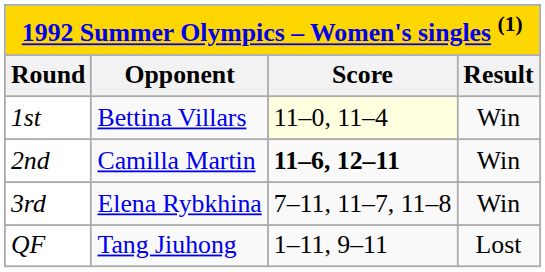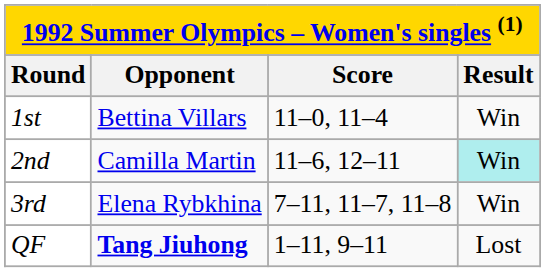 <table class="wikitable" style="font-size: 90%; text-align: center;">
 <tr>
 <th colspan="4" style="background:gold;"><a href='#'>1992 Summer Olympics – Women's singles</a> <sup>(1)</sup></th>
 </tr>
 <tr>
 <th>Round</th>
 <th>Opponent</th>
 <th>Score</th>
 <th>Result</th>
 </tr>
 <tr>
 <td style="text-align:left; background:white"><em>1st</em></td>
 <td align="left"> <a href='#'>Bettina Villars</a></td>
-<td align="left" style="background: lightyellow;">11–0, 11–4</td>
+<td align="left">11–0, 11–4</td>
 <td align="center">Win</td>
 </tr>
 <tr>
 <td style="text-align:left; background:white"><em>2nd</em></td>
 <td align="left"> <a href='#'>Camilla Martin</a></td>
-<td align="left"><strong>11–6, 12–11</strong></td>
-<td align="center">Win</td>
+<td align="left">11–6, 12–11</td>
+<td align="center" style="background: paleturquoise;">Win</td>
 </tr>
 <tr>
 <td style="text-align:left; background:white"><em>3rd</em></td>
 <td align="left"> <a href='#'>Elena Rybkhina</a></td>
 <td align="left">7–11, 11–7, 11–8</td>
 <td align="center">Win</td>
 </tr>
 <tr>
 <td style="text-align:left; background:white"><em>QF</em></td>
-<td align="left"> <a href='#'>Tang Jiuhong</a></td>
+<td align="left"><strong> <a href='#'>Tang Jiuhong</a></strong></td>
 <td align="left">1–11, 9–11</td>
 <td align="center">Lost</td>
 </tr>
 </table>
